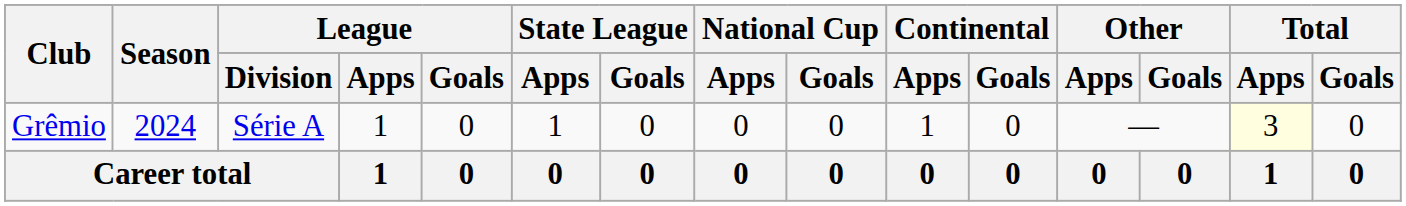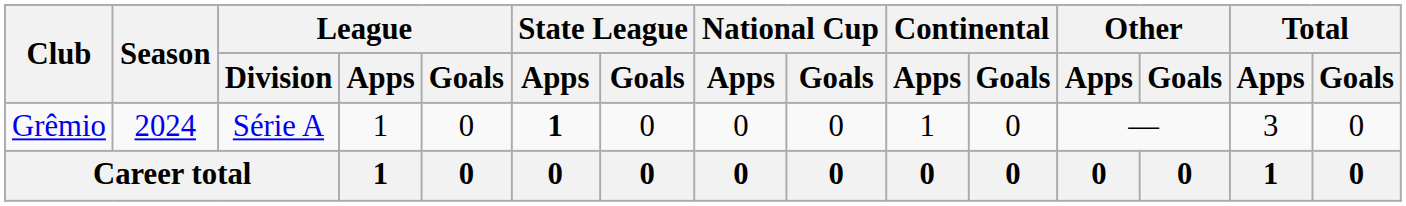 <table class="wikitable" style="text-align:center">
 <tr>
 <th rowspan="2">Club</th>
 <th rowspan="2">Season</th>
 <th colspan="3">League</th>
 <th colspan="2">State League</th>
 <th colspan="2">National Cup</th>
 <th colspan="2">Continental</th>
 <th colspan="2">Other</th>
 <th colspan="2">Total</th>
 </tr>
 <tr>
 <th>Division</th>
 <th>Apps</th>
 <th>Goals</th>
 <th>Apps</th>
 <th>Goals</th>
 <th>Apps</th>
 <th>Goals</th>
 <th>Apps</th>
 <th>Goals</th>
 <th>Apps</th>
 <th>Goals</th>
 <th>Apps</th>
 <th>Goals</th>
 </tr>
 <tr>
 <td><a href='#'>Grêmio</a></td>
 <td><a href='#'>2024</a></td>
 <td><a href='#'>Série A</a></td>
 <td>1</td>
 <td>0</td>
-<td>1</td>
+<td><strong>1</strong></td>
 <td>0</td>
 <td>0</td>
 <td>0</td>
 <td>1</td>
 <td>0</td>
 <td colspan="2">—</td>
-<td style="background: lightyellow;">3</td>
+<td>3</td>
 <td>0</td>
 </tr>
 <tr>
 <th colspan="3">Career total</th>
 <th>1</th>
 <th>0</th>
 <th>0</th>
 <th>0</th>
 <th>0</th>
 <th>0</th>
 <th>0</th>
 <th>0</th>
 <th>0</th>
 <th>0</th>
 <th>1</th>
 <th>0</th>
 </tr>
 </table>
